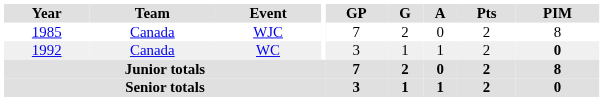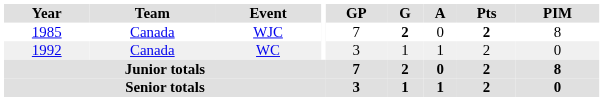 <table border="0" cellpadding="1" cellspacing="0" ID="Table3" style="text-align:center; width:40em">
 <tr bgcolor="#e0e0e0">
 <th>Year</th>
 <th>Team</th>
 <th>Event</th>
 <th rowspan="102" bgcolor="#ffffff"></th>
 <th>GP</th>
 <th>G</th>
 <th>A</th>
 <th>Pts</th>
 <th>PIM</th>
 </tr>
 <tr>
 <td><a href='#'>1985</a></td>
 <td><a href='#'>Canada</a></td>
 <td><a href='#'>WJC</a></td>
 <td>7</td>
-<td>2</td>
+<td><strong>2</strong></td>
 <td>0</td>
-<td>2</td>
+<td><strong>2</strong></td>
 <td>8</td>
 </tr>
 <tr bgcolor="#f0f0f0">
 <td><a href='#'>1992</a></td>
 <td><a href='#'>Canada</a></td>
 <td><a href='#'>WC</a></td>
 <td>3</td>
 <td>1</td>
 <td>1</td>
 <td>2</td>
-<td><strong>0</strong></td>
+<td>0</td>
 </tr>
 <tr bgcolor="#e0e0e0">
 <th colspan="4">Junior totals</th>
 <th>7</th>
 <th>2</th>
 <th>0</th>
 <th>2</th>
 <th>8</th>
 </tr>
 <tr bgcolor="#e0e0e0">
 <th colspan="4">Senior totals</th>
 <th>3</th>
 <th>1</th>
 <th>1</th>
 <th>2</th>
 <th>0</th>
 </tr>
 </table>
